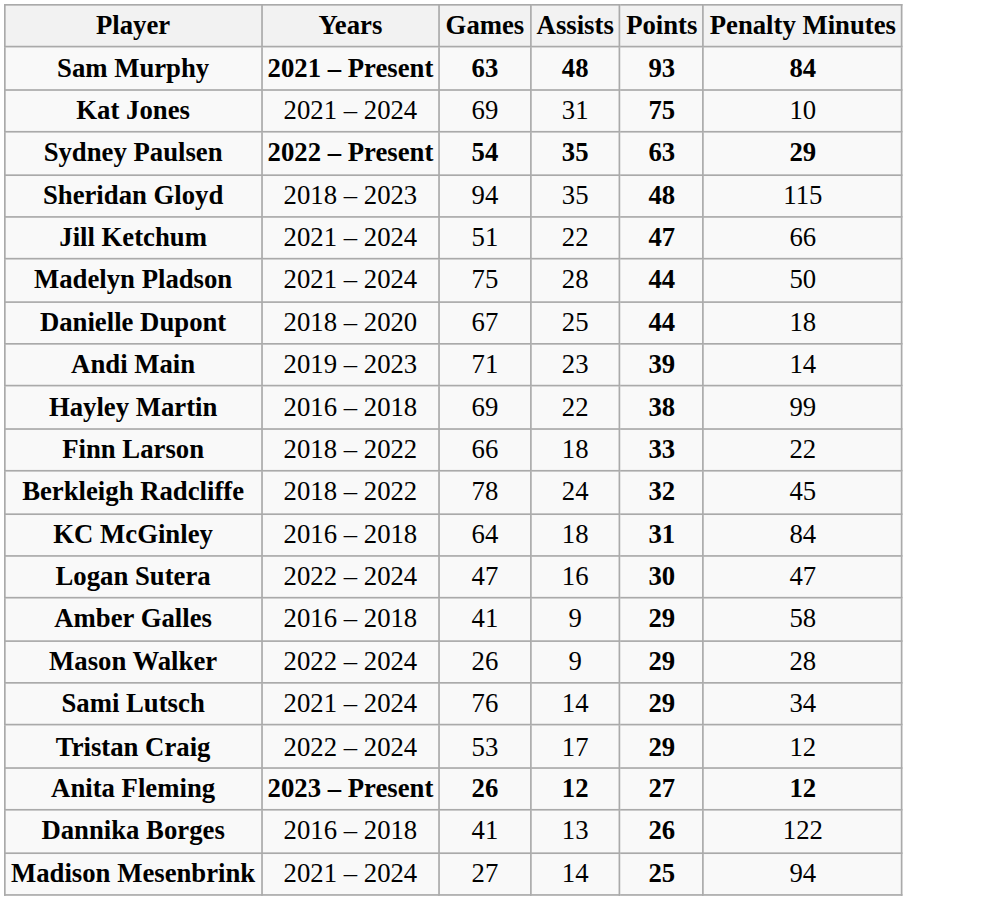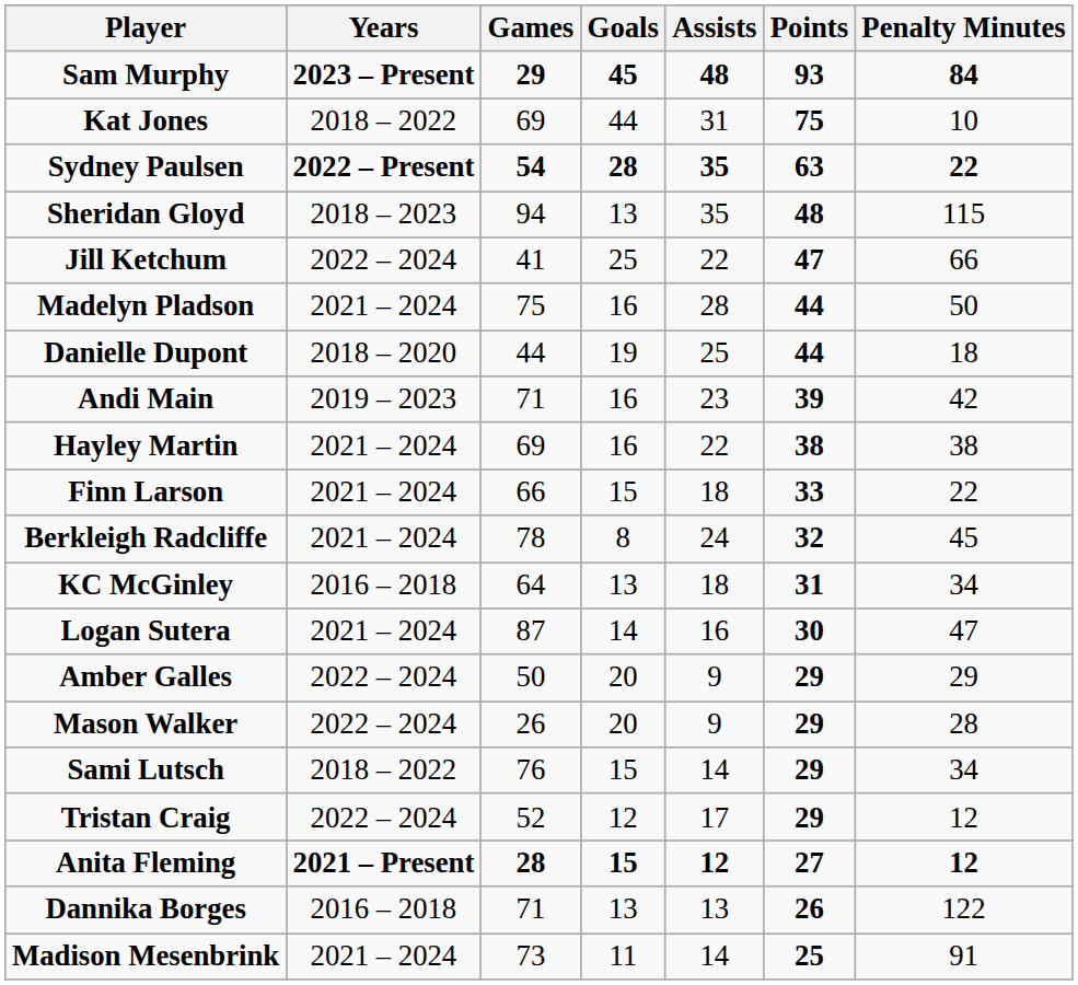 <table class="wikitable sortable">
 <tr>
 <th>Player</th>
 <th>Years</th>
 <th>Games</th>
+<th>Goals</th>
 <th>Assists</th>
 <th>Points</th>
 <th>Penalty Minutes</th>
 </tr>
 <tr align="center" bgcolor="">
 <td><strong>Sam Murphy</strong></td>
-<td><strong>2021 – Present</strong></td>
-<td><strong>63</strong></td>
+<td><strong>2023 – Present</strong></td>
+<td><strong>29</strong></td>
+<td><strong>45</strong></td>
 <td><strong>48</strong></td>
 <td><strong>93</strong></td>
 <td><strong>84</strong></td>
 </tr>
 <tr align="center" bgcolor="">
 <td><strong>Kat Jones</strong></td>
-<td>2021 – 2024</td>
+<td>2018 – 2022</td>
 <td>69</td>
+<td>44</td>
 <td>31</td>
 <td><strong>75</strong></td>
 <td>10</td>
 </tr>
 <tr align="center" bgcolor="">
 <td><strong>Sydney Paulsen</strong></td>
 <td><strong>2022 – Present</strong></td>
 <td><strong>54</strong></td>
+<td><strong>28</strong></td>
 <td><strong>35</strong></td>
 <td><strong>63</strong></td>
-<td><strong>29</strong></td>
+<td><strong>22</strong></td>
 </tr>
 <tr align="center" bgcolor="">
 <td><strong>Sheridan Gloyd</strong></td>
 <td>2018 – 2023</td>
 <td>94</td>
+<td>13</td>
 <td>35</td>
 <td><strong>48</strong></td>
 <td>115</td>
 </tr>
 <tr align="center" bgcolor="">
 <td><strong>Jill Ketchum</strong></td>
-<td>2021 – 2024</td>
-<td>51</td>
+<td>2022 – 2024</td>
+<td>41</td>
+<td>25</td>
 <td>22</td>
 <td><strong>47</strong></td>
 <td>66</td>
 </tr>
 <tr align="center" bgcolor="">
 <td><strong>Madelyn Pladson</strong></td>
 <td>2021 – 2024</td>
 <td>75</td>
+<td>16</td>
 <td>28</td>
 <td><strong>44</strong></td>
 <td>50</td>
 </tr>
 <tr align="center" bgcolor="">
 <td><strong>Danielle Dupont</strong></td>
 <td>2018 – 2020</td>
-<td>67</td>
+<td>44</td>
+<td>19</td>
 <td>25</td>
 <td><strong>44</strong></td>
 <td>18</td>
 </tr>
 <tr align="center" bgcolor="">
 <td><strong>Andi Main</strong></td>
 <td>2019 – 2023</td>
 <td>71</td>
+<td>16</td>
 <td>23</td>
 <td><strong>39</strong></td>
-<td>14</td>
+<td>42</td>
 </tr>
 <tr align="center" bgcolor="">
 <td><strong>Hayley Martin</strong></td>
-<td>2016 – 2018</td>
+<td>2021 – 2024</td>
 <td>69</td>
+<td>16</td>
 <td>22</td>
 <td><strong>38</strong></td>
-<td>99</td>
+<td>38</td>
 </tr>
 <tr align="center" bgcolor="">
 <td><strong>Finn Larson</strong></td>
-<td>2018 – 2022</td>
+<td>2021 – 2024</td>
 <td>66</td>
+<td>15</td>
 <td>18</td>
 <td><strong>33</strong></td>
 <td>22</td>
 </tr>
 <tr align="center" bgcolor="">
 <td><strong>Berkleigh Radcliffe</strong></td>
-<td>2018 – 2022</td>
+<td>2021 – 2024</td>
 <td>78</td>
+<td>8</td>
 <td>24</td>
 <td><strong>32</strong></td>
 <td>45</td>
 </tr>
 <tr align="center" bgcolor="">
 <td><strong>KC McGinley</strong></td>
 <td>2016 – 2018</td>
 <td>64</td>
+<td>13</td>
 <td>18</td>
 <td><strong>31</strong></td>
-<td>84</td>
+<td>34</td>
 </tr>
 <tr align="center" bgcolor="">
 <td><strong>Logan Sutera</strong></td>
-<td>2022 – 2024</td>
-<td>47</td>
+<td>2021 – 2024</td>
+<td>87</td>
+<td>14</td>
 <td>16</td>
 <td><strong>30</strong></td>
 <td>47</td>
 </tr>
 <tr align="center" bgcolor="">
 <td><strong>Amber Galles</strong></td>
-<td>2016 – 2018</td>
-<td>41</td>
+<td>2022 – 2024</td>
+<td>50</td>
+<td>20</td>
 <td>9</td>
 <td><strong>29</strong></td>
-<td>58</td>
+<td>29</td>
 </tr>
 <tr align="center" bgcolor="">
 <td><strong>Mason Walker</strong></td>
 <td>2022 – 2024</td>
 <td>26</td>
+<td>20</td>
 <td>9</td>
 <td><strong>29</strong></td>
 <td>28</td>
 </tr>
 <tr align="center" bgcolor="">
 <td><strong>Sami Lutsch</strong></td>
-<td>2021 – 2024</td>
+<td>2018 – 2022</td>
 <td>76</td>
+<td>15</td>
 <td>14</td>
 <td><strong>29</strong></td>
 <td>34</td>
 </tr>
 <tr align="center" bgcolor="">
 <td><strong>Tristan Craig</strong></td>
 <td>2022 – 2024</td>
-<td>53</td>
+<td>52</td>
+<td>12</td>
 <td>17</td>
 <td><strong>29</strong></td>
 <td>12</td>
 </tr>
 <tr align="center" bgcolor="">
 <td><strong>Anita Fleming</strong></td>
-<td><strong>2023 – Present</strong></td>
-<td><strong>26</strong></td>
+<td><strong>2021 – Present</strong></td>
+<td><strong>28</strong></td>
+<td><strong>15</strong></td>
 <td><strong>12</strong></td>
 <td><strong>27</strong></td>
 <td><strong>12</strong></td>
 </tr>
 <tr align="center" bgcolor="">
 <td><strong>Dannika Borges</strong></td>
 <td>2016 – 2018</td>
-<td>41</td>
+<td>71</td>
+<td>13</td>
 <td>13</td>
 <td><strong>26</strong></td>
 <td>122</td>
 </tr>
 <tr align="center" bgcolor="">
 <td><strong>Madison Mesenbrink</strong></td>
 <td>2021 – 2024</td>
-<td>27</td>
+<td>73</td>
+<td>11</td>
 <td>14</td>
 <td><strong>25</strong></td>
-<td>94</td>
+<td>91</td>
 </tr>
 </table>
